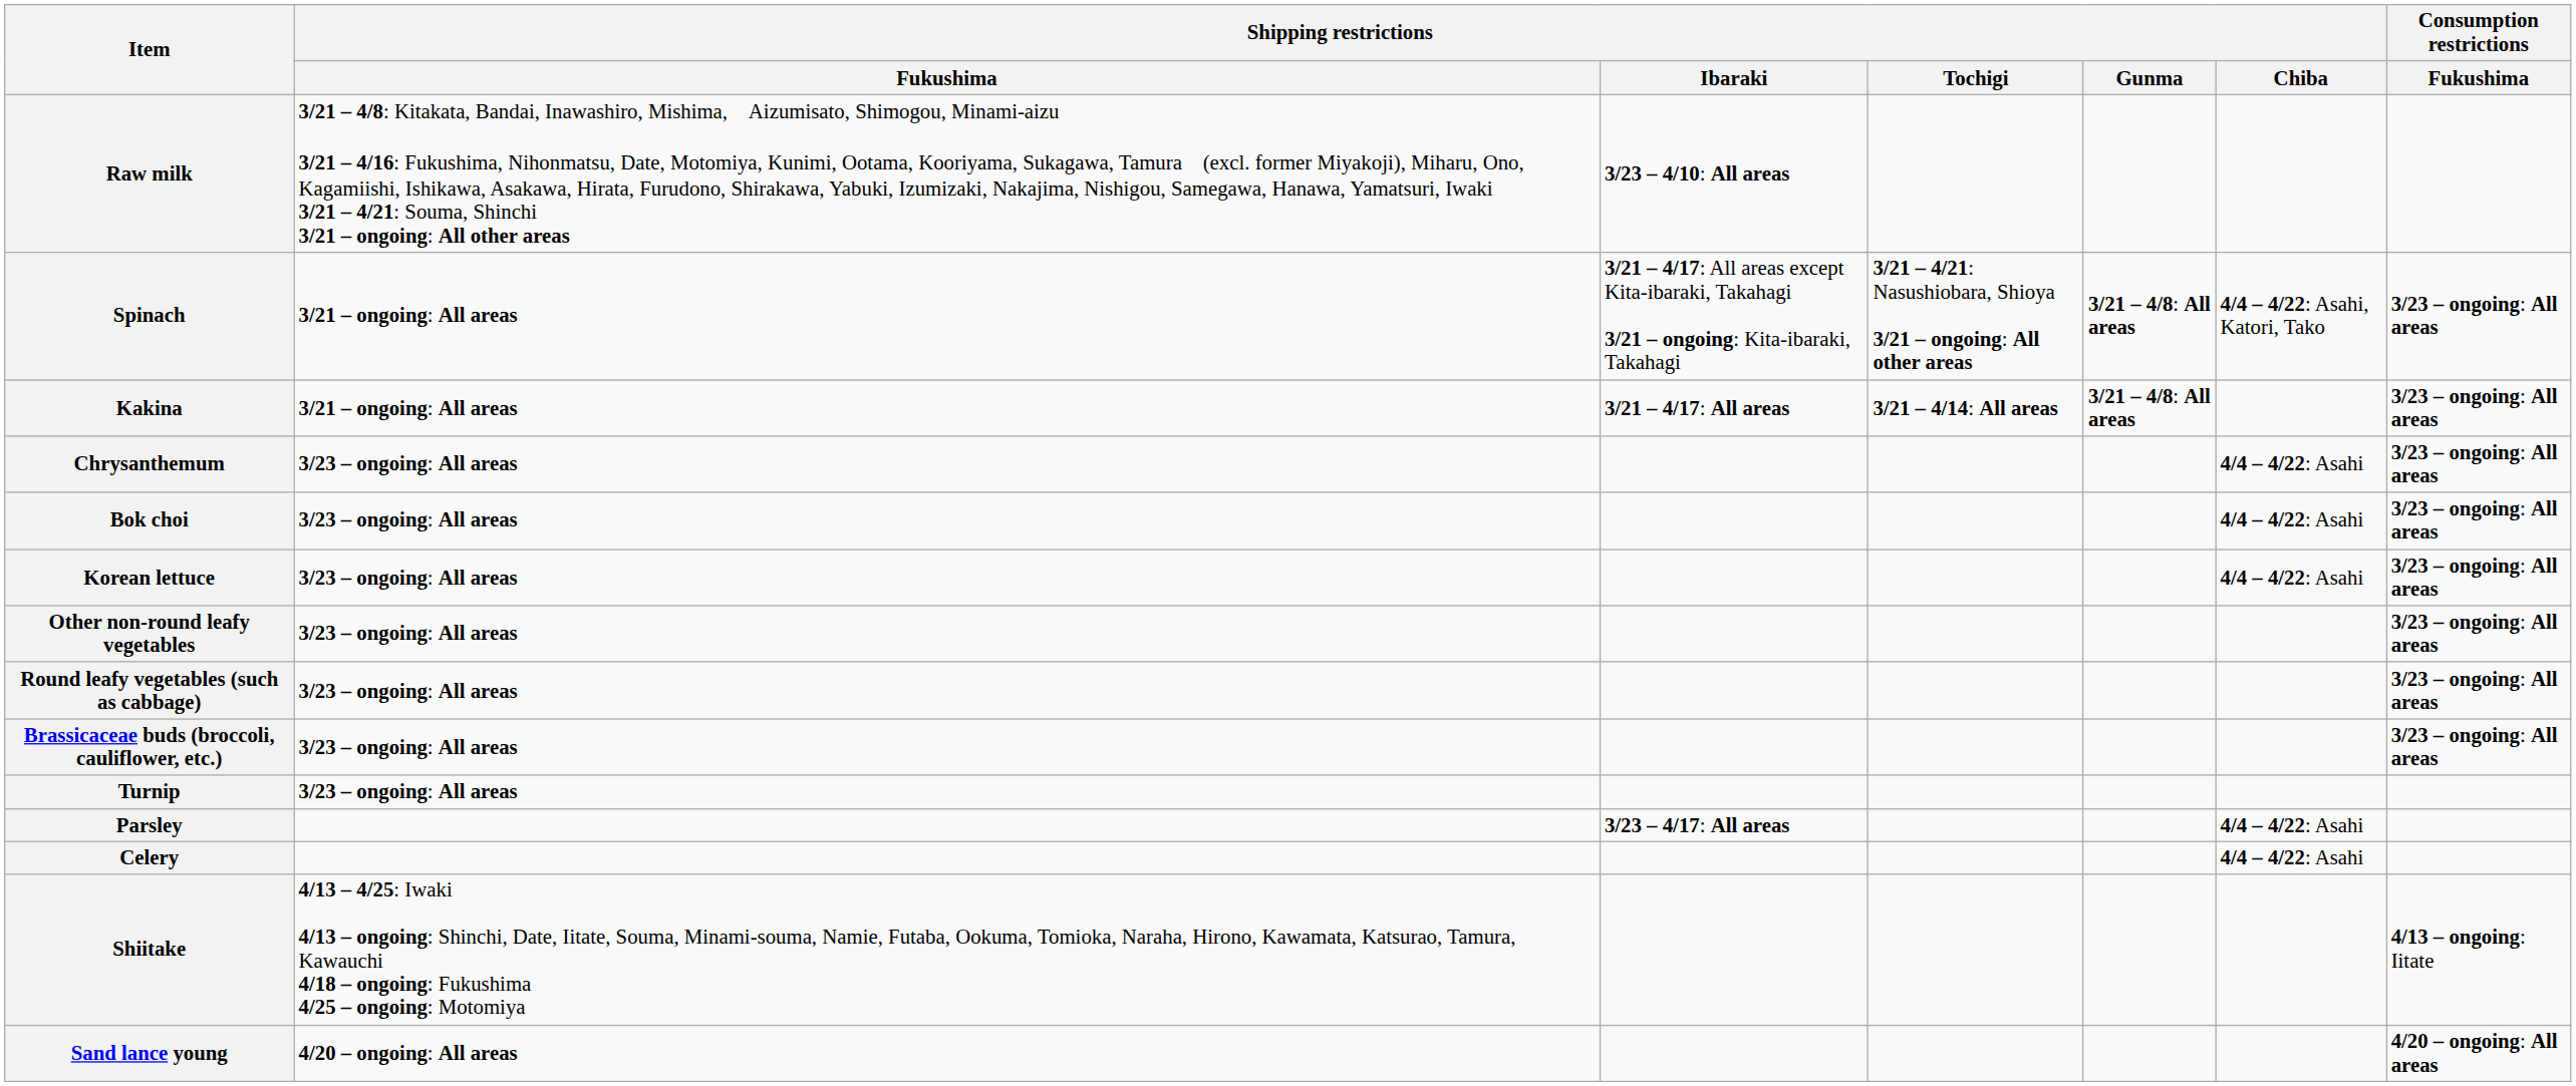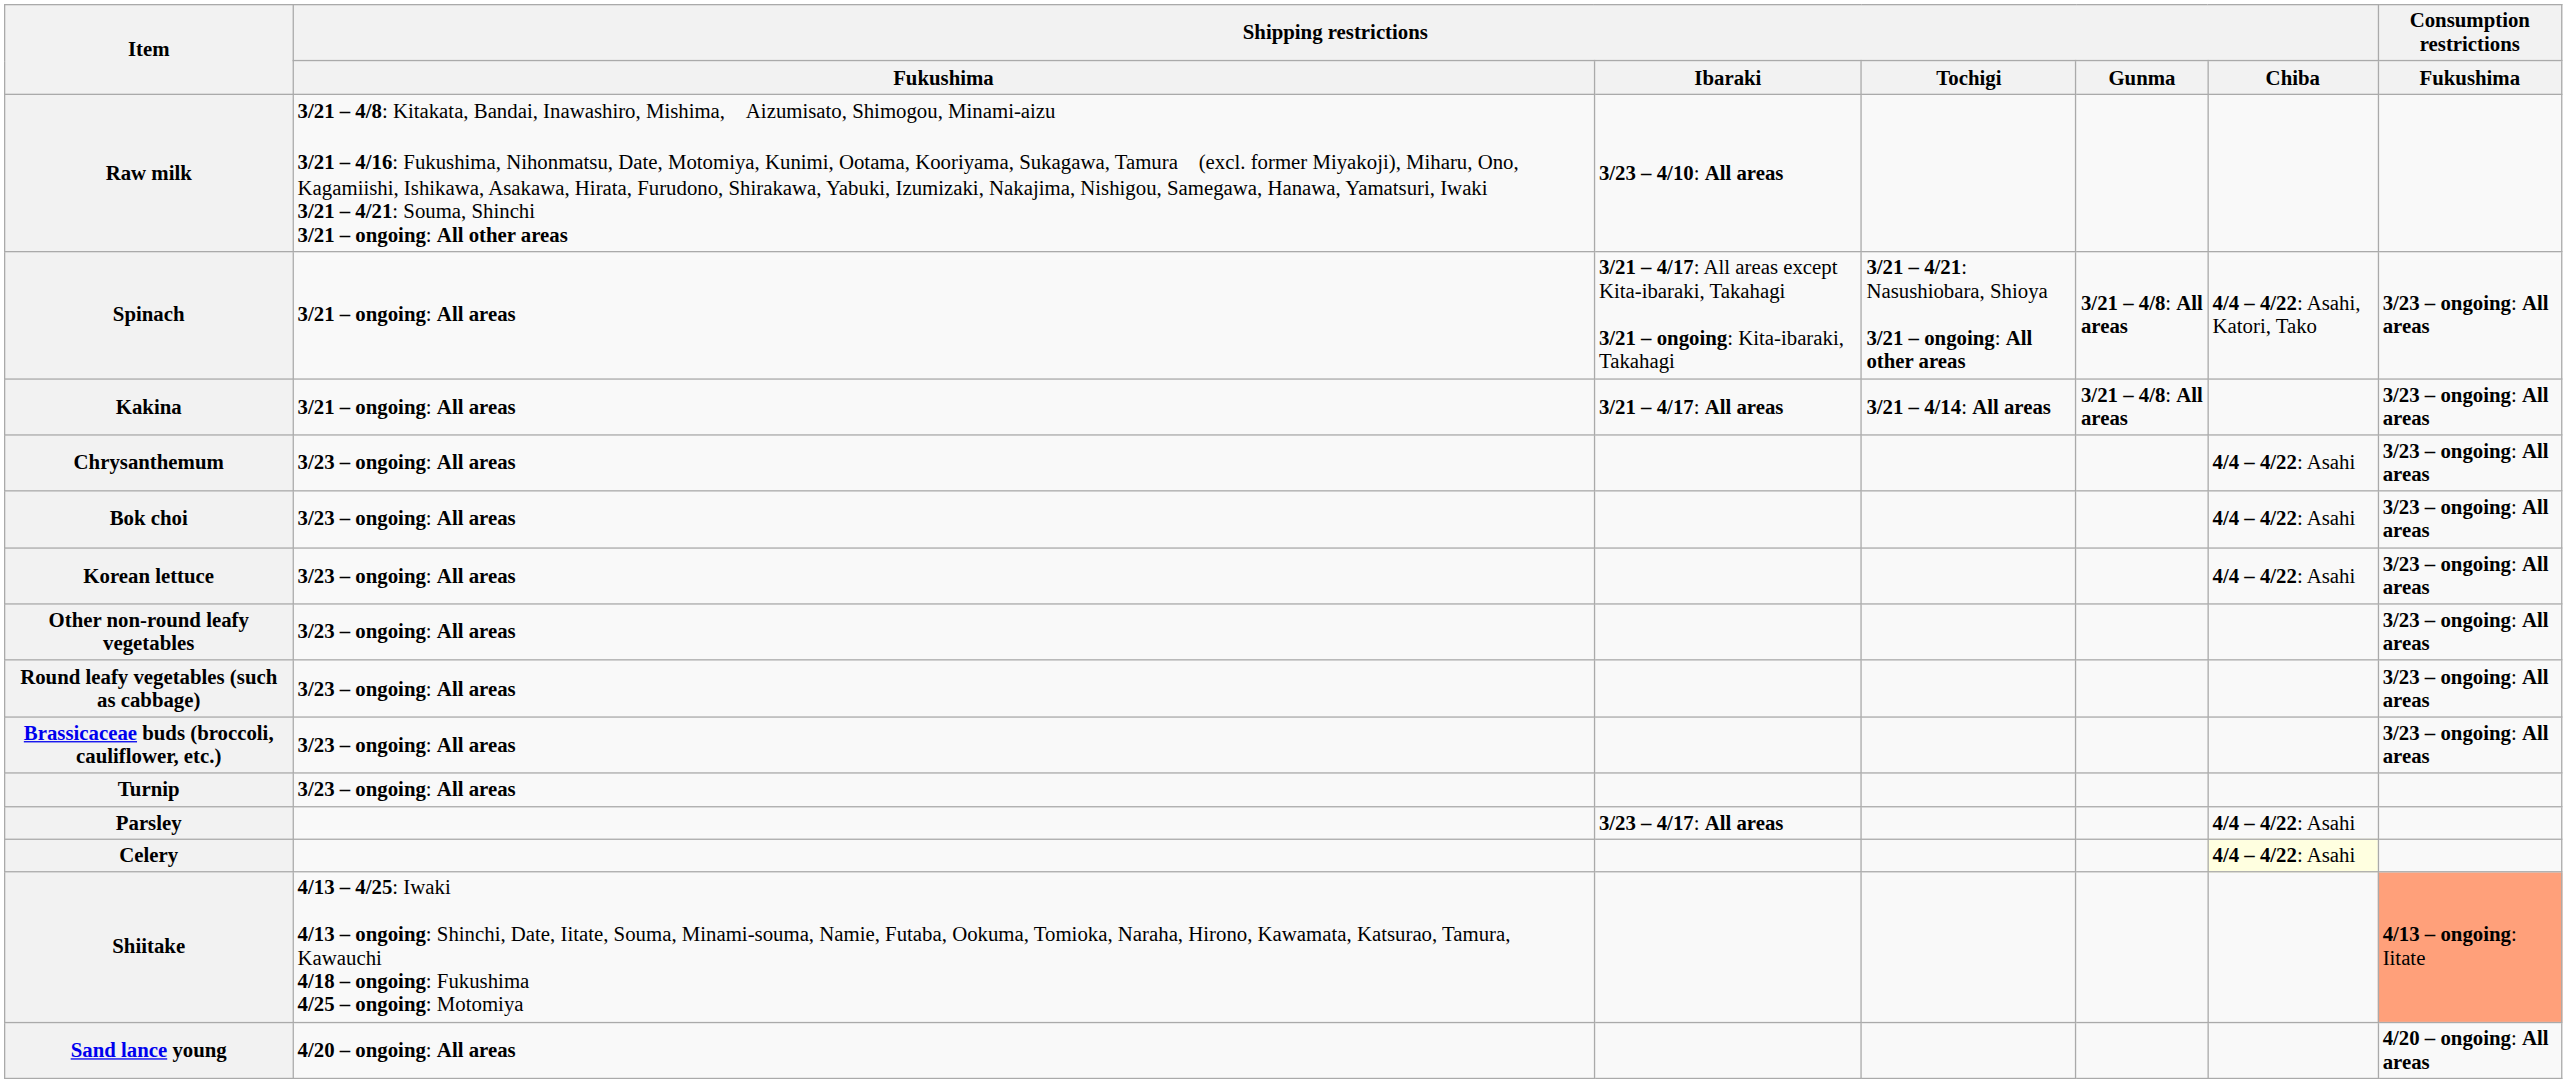 <table class="wikitable">
 <tr>
 <th rowspan="2">Item</th>
 <th colspan="5">Shipping restrictions</th>
 <th>Consumption restrictions</th>
 </tr>
 <tr>
 <th>Fukushima</th>
 <th>Ibaraki</th>
 <th>Tochigi</th>
 <th>Gunma</th>
 <th>Chiba</th>
 <th>Fukushima</th>
 </tr>
 <tr>
 <th>Raw milk</th>
 <td><strong>3/21 – 4/8</strong>: Kitakata, Bandai, Inawashiro, Mishima,　Aizumisato, Shimogou, Minami-aizu<br><br><strong>3/21 – 4/16</strong>: Fukushima, Nihonmatsu, Date, Motomiya, Kunimi, Ootama, Kooriyama, Sukagawa, Tamura　(excl. former Miyakoji), Miharu, Ono, Kagamiishi, Ishikawa, Asakawa, Hirata, Furudono, Shirakawa, Yabuki, Izumizaki, Nakajima, Nishigou, Samegawa, Hanawa, Yamatsuri, Iwaki<br> <strong>3/21 – 4/21</strong>: Souma, Shinchi<br> <strong>3/21 – ongoing</strong>: <strong>All other areas</strong></td>
 <td><strong>3/23 – 4/10</strong>: <strong>All areas</strong></td>
 <td></td>
 <td></td>
 <td></td>
 <td></td>
 </tr>
 <tr>
 <th>Spinach</th>
 <td><strong>3/21 – ongoing</strong>: <strong>All areas</strong></td>
 <td><strong>3/21 – 4/17</strong>: All areas except Kita-ibaraki, Takahagi<br><br><strong>3/21 – ongoing</strong>: Kita-ibaraki, Takahagi</td>
 <td><strong>3/21 – 4/21</strong>: Nasushiobara, Shioya<br><br><strong>3/21 – ongoing</strong>: <strong>All other areas</strong></td>
 <td><strong>3/21 – 4/8</strong>: <strong>All areas</strong></td>
 <td><strong>4/4 – 4/22</strong>: Asahi, Katori, Tako</td>
 <td><strong>3/23 – ongoing</strong>: <strong>All areas</strong></td>
 </tr>
 <tr>
 <th>Kakina</th>
 <td><strong>3/21 – ongoing</strong>: <strong>All areas</strong></td>
 <td><strong>3/21 – 4/17</strong>: <strong>All areas</strong></td>
 <td><strong>3/21 – 4/14</strong>: <strong>All areas</strong></td>
 <td><strong>3/21 – 4/8</strong>: <strong>All areas</strong></td>
 <td></td>
 <td><strong>3/23 – ongoing</strong>: <strong>All areas</strong></td>
 </tr>
 <tr>
 <th>Chrysanthemum</th>
 <td><strong>3/23 – ongoing</strong>: <strong>All areas</strong></td>
 <td></td>
 <td></td>
 <td></td>
 <td><strong>4/4 – 4/22</strong>: Asahi</td>
 <td><strong>3/23 – ongoing</strong>: <strong>All areas</strong></td>
 </tr>
 <tr>
 <th>Bok choi</th>
 <td><strong>3/23 – ongoing</strong>: <strong>All areas</strong></td>
 <td></td>
 <td></td>
 <td></td>
 <td><strong>4/4 – 4/22</strong>: Asahi</td>
 <td><strong>3/23 – ongoing</strong>: <strong>All areas</strong></td>
 </tr>
 <tr>
 <th>Korean lettuce</th>
 <td><strong>3/23 – ongoing</strong>: <strong>All areas</strong></td>
 <td></td>
 <td></td>
 <td></td>
 <td><strong>4/4 – 4/22</strong>: Asahi</td>
 <td><strong>3/23 – ongoing</strong>: <strong>All areas</strong></td>
 </tr>
 <tr>
 <th>Other non-round leafy vegetables</th>
 <td><strong>3/23 – ongoing</strong>: <strong>All areas</strong></td>
 <td></td>
 <td></td>
 <td></td>
 <td></td>
 <td><strong>3/23 – ongoing</strong>: <strong>All areas</strong></td>
 </tr>
 <tr>
 <th>Round leafy vegetables (such as cabbage)</th>
 <td><strong>3/23 – ongoing</strong>: <strong>All areas</strong></td>
 <td></td>
 <td></td>
 <td></td>
 <td></td>
 <td><strong>3/23 – ongoing</strong>: <strong>All areas</strong></td>
 </tr>
 <tr>
 <th><a href='#'>Brassicaceae</a> buds (broccoli, cauliflower, etc.)</th>
 <td><strong>3/23 – ongoing</strong>: <strong>All areas</strong></td>
 <td></td>
 <td></td>
 <td></td>
 <td></td>
 <td><strong>3/23 – ongoing</strong>: <strong>All areas</strong></td>
 </tr>
 <tr>
 <th>Turnip</th>
 <td><strong>3/23 – ongoing</strong>: <strong>All areas</strong></td>
 <td></td>
 <td></td>
 <td></td>
 <td></td>
 <td></td>
 </tr>
 <tr>
 <th>Parsley</th>
 <td></td>
 <td><strong>3/23 – 4/17</strong>: <strong>All areas</strong></td>
 <td></td>
 <td></td>
 <td><strong>4/4 – 4/22</strong>: Asahi</td>
 <td></td>
 </tr>
 <tr>
 <th>Celery</th>
 <td></td>
 <td></td>
 <td></td>
 <td></td>
-<td><strong>4/4 – 4/22</strong>: Asahi</td>
+<td style="background: lightyellow;"><strong>4/4 – 4/22</strong>: Asahi</td>
 <td></td>
 </tr>
 <tr>
 <th>Shiitake</th>
 <td><strong>4/13 – 4/25</strong>: Iwaki<br><br><strong>4/13 – ongoing</strong>: Shinchi, Date, Iitate, Souma, Minami-souma, Namie, Futaba, Ookuma, Tomioka, Naraha, Hirono, Kawamata, Katsurao, Tamura, Kawauchi<br> <strong>4/18 – ongoing</strong>: Fukushima<br> <strong>4/25 – ongoing</strong>: Motomiya</td>
 <td></td>
 <td></td>
 <td></td>
 <td></td>
-<td><strong>4/13 – ongoing</strong>: Iitate</td>
+<td style="background: lightsalmon;"><strong>4/13 – ongoing</strong>: Iitate</td>
 </tr>
 <tr>
 <th><a href='#'>Sand lance</a> young</th>
 <td><strong>4/20 – ongoing</strong>: <strong>All areas</strong></td>
 <td></td>
 <td></td>
 <td></td>
 <td></td>
 <td><strong>4/20 – ongoing</strong>: <strong>All areas</strong></td>
 </tr>
 </table>
